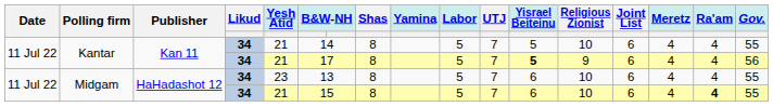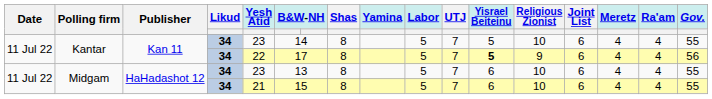 <table class="wikitable sortable" style=text-align:center;font-size:90%;line-height:12px>
 <tr>
 <th rowspan=2>Date</th>
 <th rowspan=2>Polling firm</th>
 <th rowspan=2>Publisher</th>
 <th><a href='#'>Likud</a></th>
 <th style=background:#cee><a href='#'>Yesh<br>Atid</a></th>
 <th style=background:#cee colspan=2><a href='#'>B&W</a>-<a href='#'>NH</a></th>
 <th><a href='#'>Shas</a></th>
 <th style=background:#cee><a href='#'>Yamina</a></th>
 <th style=background:#cee><a href='#'>Labor</a></th>
 <th><a href='#'>UTJ</a></th>
 <th style="background:#cee; font-size:90%"><a href='#'>Yisrael<br>Beiteinu</a></th>
 <th style=font-size:90%><a href='#'>Religious<br>Zionist</a></th>
 <th><a href='#'>Joint<br>List</a></th>
 <th style=background:#cee><a href='#'>Meretz</a></th>
 <th style=background:#cee><a href='#'>Ra'am</a></th>
 <th style=background:#cee><a href='#'><em>Gov.</em></a></th>
 </tr>
 <tr>
 <th style=background:></th>
 <th style=background:></th>
 <th style=background:></th>
 <th style=background:></th>
 <th style=background:></th>
 <th style=background:></th>
 <th style=background:></th>
 <th style=background:></th>
 <th style=background:></th>
 <th style=background:></th>
 <th style=background:></th>
 <th style=background:></th>
 <th style=background:></th>
 <th style=background:></th>
 </tr>
 <tr>
 <td rowspan=2 data-sort-value=2022-07-11>11 Jul 22</td>
 <td rowspan=2>Kantar</td>
 <td rowspan=2><a href='#'>Kan 11</a></td>
 <td style=background:#BBCDE4><strong>34</strong>	</td>
-<td>21					</td>
+<td>23					</td>
 <td colspan=2>14		</td>
 <td>8					</td>
 <td>	</td>
 <td>5					</td>
 <td>7					</td>
 <td>5					</td>
 <td>10					</td>
 <td>6					</td>
 <td>4					</td>
 <td>4					</td>
 <td>55					</td>
 </tr>
 <tr style=background:#fffdb0>
 <td style=background:#BBCDE4><strong>34</strong>	</td>
-<td>21					</td>
+<td>22					</td>
 <td colspan=2>17		</td>
 <td>8					</td>
 <td>	</td>
 <td>5					</td>
 <td>7					</td>
 <td><strong>5					</strong></td>
 <td>9					</td>
 <td>6					</td>
 <td>4					</td>
 <td>4					</td>
 <td>56					</td>
 </tr>
 <tr>
 <td rowspan=2 data-sort-value=2022-07-11>11 Jul 22</td>
 <td rowspan=2>Midgam</td>
 <td rowspan=2><a href='#'>HaHadashot 12</a></td>
 <td style=background:#BBCDE4><strong>34</strong>	</td>
 <td>23					</td>
 <td colspan=2>13		</td>
 <td>8					</td>
 <td>	</td>
 <td>5					</td>
 <td>7					</td>
 <td>6					</td>
 <td>10					</td>
 <td>6					</td>
 <td>4					</td>
 <td>4					</td>
 <td>55					</td>
 </tr>
 <tr style=background:#fffdb0>
 <td style=background:#BBCDE4><strong>34</strong>	</td>
 <td>21					</td>
 <td colspan=2>15		</td>
 <td>8					</td>
 <td>	</td>
 <td>5					</td>
 <td>7					</td>
 <td>6					</td>
 <td>10					</td>
 <td>6					</td>
 <td>4					</td>
-<td><strong>4					</strong></td>
+<td>4					</td>
 <td>55					</td>
 </tr>
 </table>
